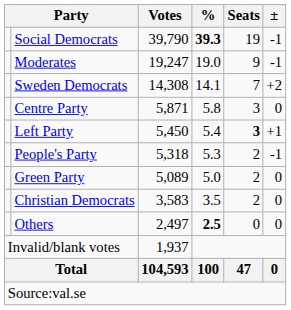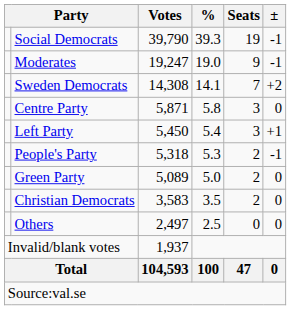 <table class=wikitable style=text-align:right>
 <tr>
 <th colspan=2>Party</th>
 <th>Votes</th>
 <th>%</th>
 <th>Seats</th>
 <th>±</th>
 </tr>
 <tr>
 <td bgcolor=></td>
 <td align=left><a href='#'>Social Democrats</a></td>
 <td>39,790</td>
-<td><strong>39.3</strong></td>
+<td>39.3</td>
 <td>19</td>
 <td>-1</td>
 </tr>
 <tr>
 <td bgcolor=></td>
 <td align=left><a href='#'>Moderates</a></td>
 <td>19,247</td>
 <td>19.0</td>
 <td>9</td>
 <td>-1</td>
 </tr>
 <tr>
 <td bgcolor=></td>
 <td align=left><a href='#'>Sweden Democrats</a></td>
 <td>14,308</td>
 <td>14.1</td>
 <td>7</td>
 <td>+2</td>
 </tr>
 <tr>
 <td bgcolor=></td>
 <td align=left><a href='#'>Centre Party</a></td>
 <td>5,871</td>
 <td>5.8</td>
 <td>3</td>
 <td>0</td>
 </tr>
 <tr>
 <td bgcolor=></td>
 <td align=left><a href='#'>Left Party</a></td>
 <td>5,450</td>
 <td>5.4</td>
-<td><strong>3</strong></td>
+<td>3</td>
 <td>+1</td>
 </tr>
 <tr>
 <td bgcolor=></td>
 <td align=left><a href='#'>People's Party</a></td>
 <td>5,318</td>
 <td>5.3</td>
 <td>2</td>
 <td>-1</td>
 </tr>
 <tr>
 <td bgcolor=></td>
 <td align=left><a href='#'>Green Party</a></td>
 <td>5,089</td>
 <td>5.0</td>
 <td>2</td>
 <td>0</td>
 </tr>
 <tr>
 <td bgcolor=></td>
 <td align=left><a href='#'>Christian Democrats</a></td>
 <td>3,583</td>
 <td>3.5</td>
 <td>2</td>
 <td>0</td>
 </tr>
 <tr>
 <td></td>
 <td align=left><a href='#'>Others</a></td>
 <td>2,497</td>
-<td><strong>2.5</strong></td>
+<td>2.5</td>
 <td>0</td>
 <td>0</td>
 </tr>
 <tr>
 <td align=left colspan=2>Invalid/blank votes</td>
 <td>1,937</td>
 <td colspan=3></td>
 </tr>
 <tr>
 <th align=left colspan=2>Total</th>
 <th>104,593</th>
 <th>100</th>
 <th>47</th>
 <th>0</th>
 </tr>
 <tr>
 <td align=left colspan=6>Source:val.se </td>
 </tr>
 </table>
